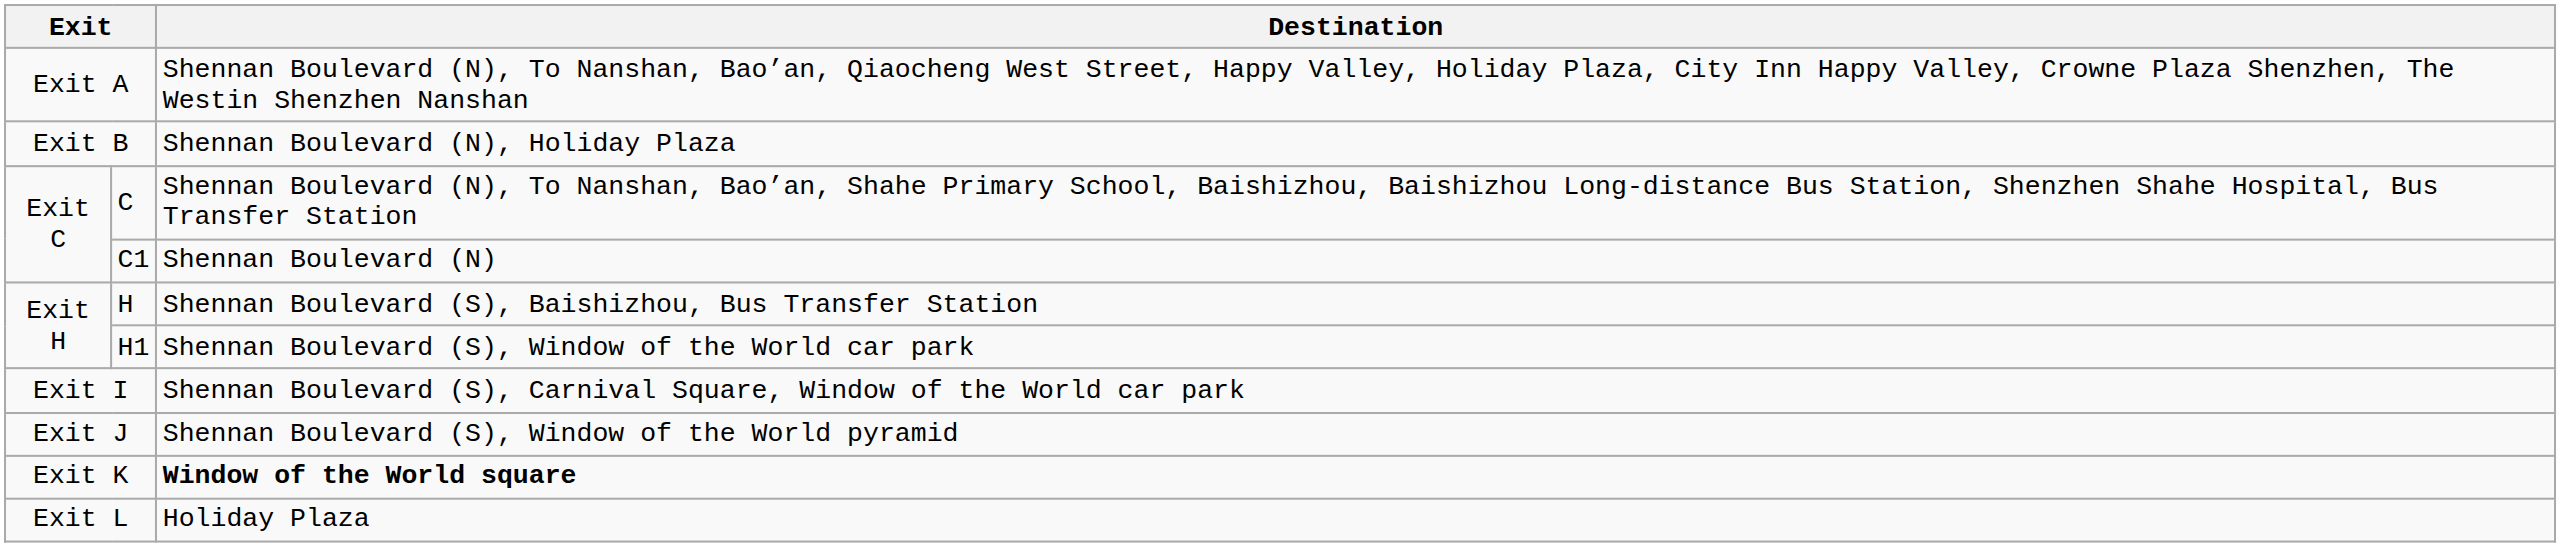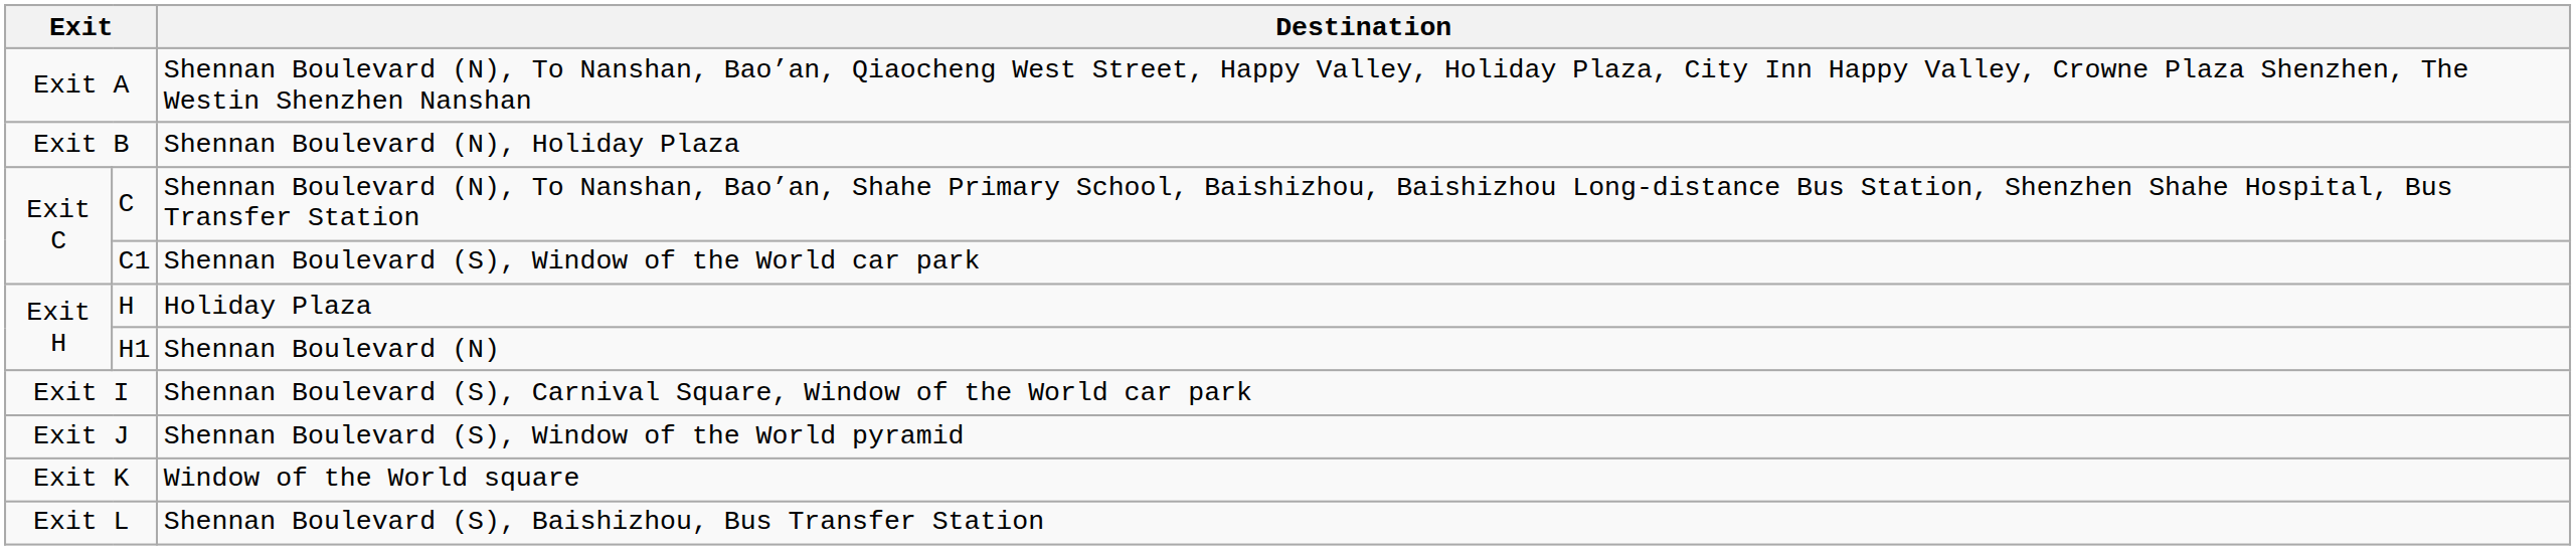 <table class="wikitable">
 <tr>
 <th style="width:70px" colspan="2">Exit</th>
 <th>Destination</th>
 </tr>
 <tr>
 <td align="center" colspan="2">Exit A</td>
 <td>Shennan Boulevard (N), To Nanshan, Bao’an, Qiaocheng West Street, Happy Valley, Holiday Plaza, City Inn Happy Valley, Crowne Plaza Shenzhen, The Westin Shenzhen Nanshan</td>
 </tr>
 <tr>
 <td align="center" colspan="2">Exit B</td>
 <td>Shennan Boulevard (N), Holiday Plaza</td>
 </tr>
 <tr>
 <td align="center" rowspan="2">Exit C</td>
 <td>C</td>
 <td>Shennan Boulevard (N), To Nanshan, Bao’an, Shahe Primary School, Baishizhou, Baishizhou Long-distance Bus Station, Shenzhen Shahe Hospital, Bus Transfer Station</td>
 </tr>
 <tr>
 <td>C1</td>
-<td>Shennan Boulevard (N)</td>
+<td>Shennan Boulevard (S), Window of the World car park</td>
 </tr>
 <tr>
 <td align="center" rowspan="2">Exit H</td>
 <td>H</td>
-<td>Shennan Boulevard (S), Baishizhou, Bus Transfer Station</td>
+<td>Holiday Plaza</td>
 </tr>
 <tr>
 <td>H1</td>
-<td>Shennan Boulevard (S), Window of the World car park</td>
+<td>Shennan Boulevard (N)</td>
 </tr>
 <tr>
 <td align="center" colspan="2">Exit I</td>
 <td>Shennan Boulevard (S), Carnival Square, Window of the World car park</td>
 </tr>
 <tr>
 <td align="center" colspan="2">Exit J</td>
 <td>Shennan Boulevard (S), Window of the World pyramid</td>
 </tr>
 <tr>
 <td align="center" colspan="2">Exit K</td>
-<td><strong>Window of the World square</strong></td>
+<td>Window of the World square</td>
 </tr>
 <tr>
 <td align="center" colspan="2">Exit L</td>
-<td>Holiday Plaza</td>
+<td>Shennan Boulevard (S), Baishizhou, Bus Transfer Station</td>
 </tr>
 </table>
